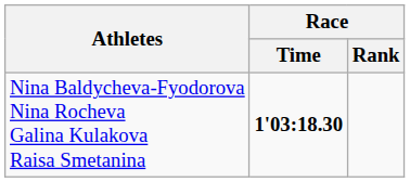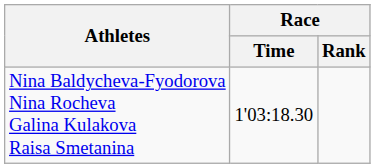 <table class="wikitable" border="1" style="font-size:90%">
 <tr>
 <th rowspan=2>Athletes</th>
 <th colspan=2>Race</th>
 </tr>
 <tr>
 <th>Time</th>
 <th>Rank</th>
 </tr>
 <tr>
 <td><a href='#'>Nina Baldycheva-Fyodorova</a><br><a href='#'>Nina Rocheva</a><br><a href='#'>Galina Kulakova</a><br><a href='#'>Raisa Smetanina</a></td>
-<td align=center><strong>1'03:18.30</strong></td>
+<td align=center>1'03:18.30</td>
 <td align=center></td>
 </tr>
 </table>
